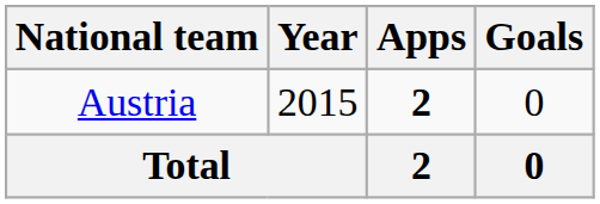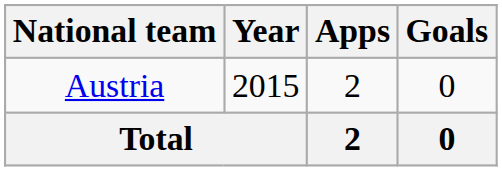 <table class="wikitable" style="text-align:center">
 <tr>
 <th>National team</th>
 <th>Year</th>
 <th>Apps</th>
 <th>Goals</th>
 </tr>
 <tr>
 <td><a href='#'>Austria</a></td>
 <td>2015</td>
-<td><strong>2</strong></td>
+<td>2</td>
 <td>0</td>
 </tr>
 <tr>
 <th colspan="2">Total</th>
 <th>2</th>
 <th>0</th>
 </tr>
 </table>
